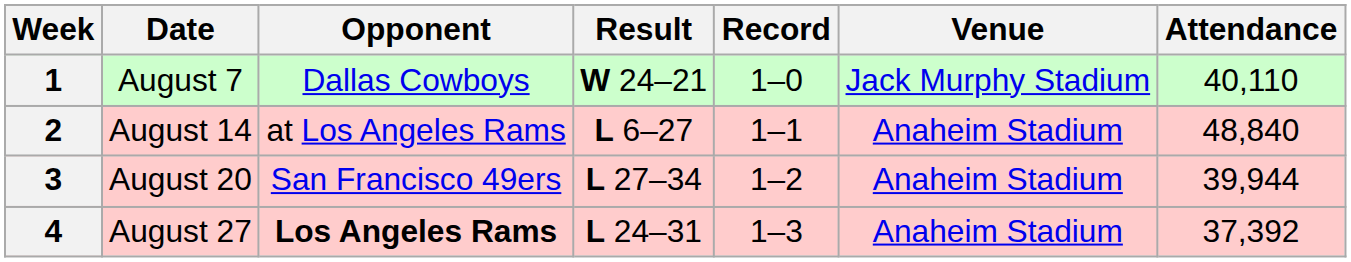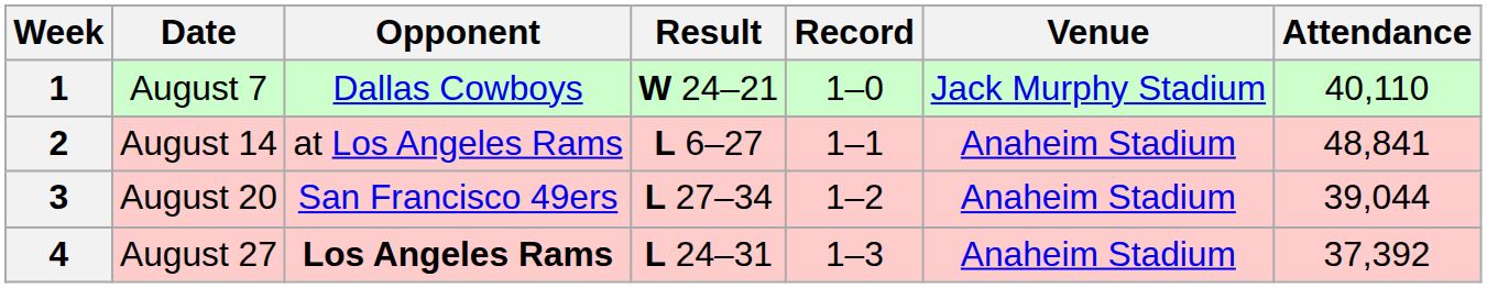 <table class="wikitable" style="text-align:center">
 <tr>
 <th>Week</th>
 <th>Date</th>
 <th>Opponent</th>
 <th>Result</th>
 <th>Record</th>
 <th>Venue</th>
 <th>Attendance</th>
 </tr>
 <tr style="background: #cfc;">
 <th>1</th>
 <td>August 7</td>
 <td><a href='#'>Dallas Cowboys</a></td>
 <td><strong>W</strong> 24–21</td>
 <td>1–0</td>
 <td><a href='#'>Jack Murphy Stadium</a></td>
 <td>40,110</td>
 </tr>
 <tr style="background: #fcc;">
 <th>2</th>
 <td>August 14</td>
 <td>at <a href='#'>Los Angeles Rams</a></td>
 <td><strong>L</strong> 6–27</td>
 <td>1–1</td>
 <td><a href='#'>Anaheim Stadium</a></td>
-<td>48,840</td>
+<td>48,841</td>
 </tr>
 <tr style="background: #fcc;">
 <th>3</th>
 <td>August 20</td>
 <td><a href='#'>San Francisco 49ers</a></td>
 <td><strong>L</strong> 27–34</td>
 <td>1–2</td>
 <td><a href='#'>Anaheim Stadium</a></td>
-<td>39,944</td>
+<td>39,044</td>
 </tr>
 <tr style="background: #fcc;">
 <th>4</th>
 <td>August 27</td>
 <td><strong>Los Angeles Rams</strong></td>
 <td><strong>L</strong> 24–31</td>
 <td>1–3</td>
 <td><a href='#'>Anaheim Stadium</a></td>
 <td>37,392</td>
 </tr>
 </table>
